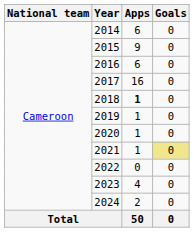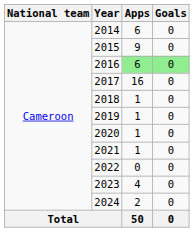 <table class="wikitable" style="text-align:center">
 <tr>
 <th>National team</th>
 <th>Year</th>
 <th>Apps</th>
 <th>Goals</th>
 </tr>
 <tr>
 <td rowspan="11"><a href='#'>Cameroon</a></td>
 <td>2014</td>
 <td>6</td>
 <td>0</td>
 </tr>
 <tr>
 <td>2015</td>
 <td>9</td>
 <td>0</td>
 </tr>
 <tr>
 <td>2016</td>
-<td>6</td>
-<td>0</td>
+<td style="background: lightgreen;">6</td>
+<td style="background: lightgreen;">0</td>
 </tr>
 <tr>
 <td>2017</td>
 <td>16</td>
 <td>0</td>
 </tr>
 <tr>
 <td>2018</td>
-<td><strong>1</strong></td>
+<td>1</td>
 <td>0</td>
 </tr>
 <tr>
 <td>2019</td>
 <td>1</td>
 <td>0</td>
 </tr>
 <tr>
 <td>2020</td>
 <td>1</td>
 <td>0</td>
 </tr>
 <tr>
 <td>2021</td>
 <td>1</td>
-<td style="background: khaki;">0</td>
+<td>0</td>
 </tr>
 <tr>
 <td>2022</td>
 <td>0</td>
 <td>0</td>
 </tr>
 <tr>
 <td>2023</td>
 <td>4</td>
 <td>0</td>
 </tr>
 <tr>
 <td>2024</td>
 <td>2</td>
 <td>0</td>
 </tr>
 <tr>
 <th colspan="2">Total</th>
 <th>50</th>
 <th>0</th>
 </tr>
 </table>
